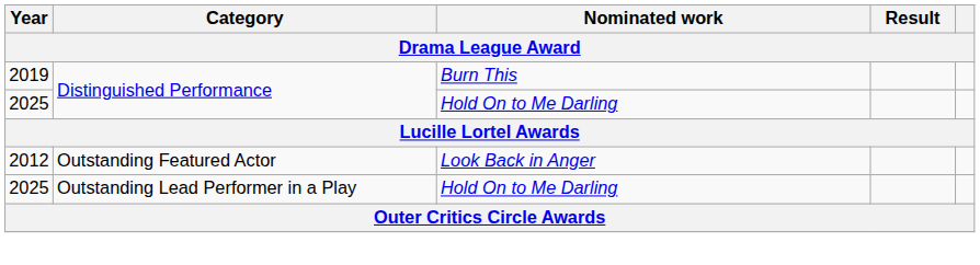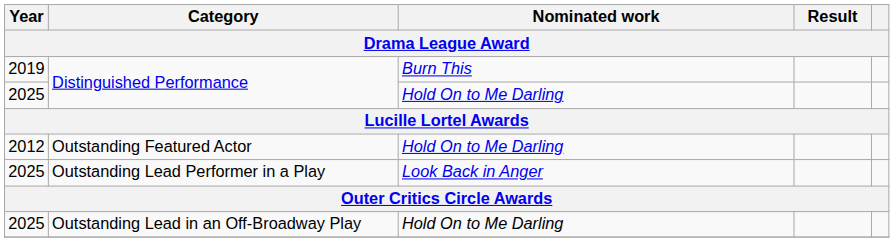 <table class="wikitable">
 <tr>
 <th scope="col" style="width:1em;">Year</th>
 <th scope="col" style="width:30em;">Category</th>
 <th scope="col" style="width:35em;">Nominated work</th>
 <th scope="col" style="width:5em;">Result</th>
 <th scope="col" style="width:1em;"></th>
 </tr>
 <tr>
 <th colspan="5"><a href='#'>Drama League Award</a></th>
 </tr>
 <tr>
 <td style="text-align:center;">2019</td>
 <td rowspan="2"><a href='#'>Distinguished Performance</a></td>
 <td><em><a href='#'>Burn This</a></em></td>
 <td></td>
 <td style="text-align:center;"></td>
 </tr>
 <tr>
 <td style="text-align:center;">2025</td>
 <td><em><a href='#'>Hold On to Me Darling</a></em></td>
 <td></td>
 <td style="text-align:center;", rowspan=1></td>
 </tr>
 <tr>
 <th colspan="5"><a href='#'>Lucille Lortel Awards</a></th>
 </tr>
 <tr>
 <td style="text-align:center;">2012</td>
 <td>Outstanding Featured Actor</td>
-<td><em><a href='#'>Look Back in Anger</a></em></td>
+<td><em><a href='#'>Hold On to Me Darling</a></em></td>
 <td></td>
 <td style="text-align:center;"></td>
 </tr>
 <tr>
 <td style="text-align:center;">2025</td>
 <td>Outstanding Lead Performer in a Play</td>
-<td><em><a href='#'>Hold On to Me Darling</a></em></td>
+<td><em><a href='#'>Look Back in Anger</a></em></td>
 <td></td>
 <td style="text-align:center;"></td>
 </tr>
 <tr>
 <th colspan=5><a href='#'>Outer Critics Circle Awards</a></th>
 </tr>
 <tr>
+<td style="text-align:center;">2025</td>
+<td>Outstanding Lead in an Off-Broadway Play</td>
+<td><em>Hold On to Me Darling</em></td>
+<td></td>
+<td style="text-align:center;", rowspan=1></td>
+</tr>
+<tr>
 </tr>
 </table>
